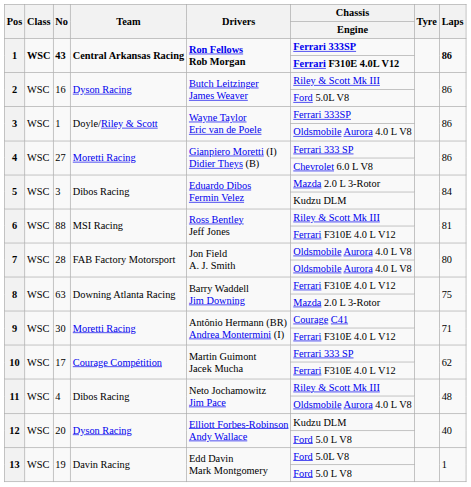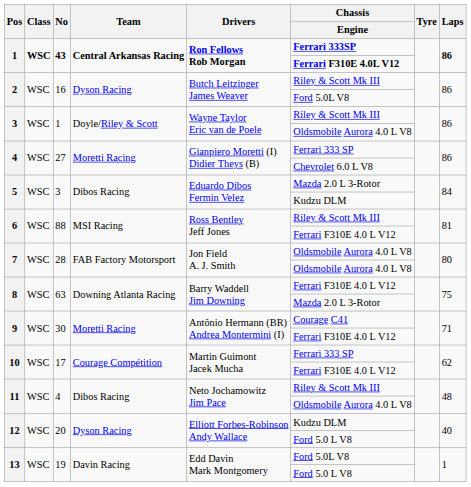 <table class="wikitable" style="font-size: 95%;">
 <tr>
 <th rowspan=2>Pos</th>
 <th rowspan=2>Class</th>
 <th rowspan=2>No</th>
 <th rowspan=2>Team</th>
 <th rowspan=2>Drivers</th>
 <th>Chassis</th>
 <th rowspan=2>Tyre</th>
 <th rowspan=2>Laps</th>
 </tr>
 <tr>
 <th>Engine</th>
 </tr>
 <tr style="font-weight:bold">
 <th rowspan=2>1</th>
 <td rowspan=2>WSC</td>
 <td rowspan=2>43</td>
 <td rowspan=2>Central Arkansas Racing</td>
 <td rowspan=2> <a href='#'>Ron Fellows</a><br> Rob Morgan</td>
 <td><a href='#'>Ferrari 333SP</a></td>
 <td rowspan=2></td>
 <td rowspan=2>86</td>
 </tr>
 <tr style="font-weight:bold">
 <td><a href='#'>Ferrari</a> F310E 4.0L V12</td>
 </tr>
 <tr>
 <th rowspan=2>2</th>
 <td rowspan=2>WSC</td>
 <td rowspan=2>16</td>
 <td rowspan=2> <a href='#'>Dyson Racing</a></td>
 <td rowspan=2> <a href='#'>Butch Leitzinger</a><br> <a href='#'>James Weaver</a></td>
 <td><a href='#'>Riley & Scott Mk III</a></td>
 <td rowspan=2></td>
 <td rowspan=2>86</td>
 </tr>
 <tr>
 <td><a href='#'>Ford</a> 5.0L V8</td>
 </tr>
 <tr>
 <th rowspan=2>3</th>
 <td rowspan=2>WSC</td>
 <td rowspan=2>1</td>
 <td rowspan=2> Doyle/<a href='#'>Riley & Scott</a></td>
 <td rowspan=2> <a href='#'>Wayne Taylor</a><br> <a href='#'>Eric van de Poele</a></td>
-<td><a href='#'>Ferrari 333SP</a></td>
+<td><a href='#'>Riley & Scott Mk III</a></td>
 <td rowspan=2></td>
 <td rowspan=2>86</td>
 </tr>
 <tr>
 <td><a href='#'>Oldsmobile</a> <a href='#'>Aurora</a> 4.0 L V8</td>
 </tr>
 <tr>
 <th rowspan=2>4</th>
 <td rowspan=2>WSC</td>
 <td rowspan=2>27</td>
 <td rowspan=2> <a href='#'>Moretti Racing</a></td>
 <td rowspan=2> <a href='#'>Gianpiero Moretti</a> (I)<br> <a href='#'>Didier Theys</a> (B)</td>
 <td><a href='#'>Ferrari 333 SP</a></td>
 <td rowspan=2></td>
 <td rowspan=2>86</td>
 </tr>
 <tr>
 <td><a href='#'>Chevrolet</a> 6.0 L V8</td>
 </tr>
 <tr>
 <th rowspan=2>5</th>
 <td rowspan=2>WSC</td>
 <td rowspan=2>3</td>
 <td rowspan=2> Dibos Racing</td>
 <td rowspan=2> <a href='#'>Eduardo Dibos</a><br> <a href='#'>Fermin Velez</a></td>
 <td><a href='#'>Mazda</a> 2.0 L 3-Rotor</td>
 <td rowspan=2></td>
 <td rowspan=2>84</td>
 </tr>
 <tr>
 <td>Kudzu DLM</td>
 </tr>
 <tr>
 <th rowspan=2>6</th>
 <td rowspan=2>WSC</td>
 <td rowspan=2>88</td>
 <td rowspan=2> MSI Racing</td>
 <td rowspan=2> <a href='#'>Ross Bentley</a><br> Jeff Jones</td>
 <td><a href='#'>Riley & Scott Mk III</a></td>
 <td rowspan=2></td>
 <td rowspan=2>81</td>
 </tr>
 <tr>
 <td><a href='#'>Ferrari</a> F310E 4.0 L V12</td>
 </tr>
 <tr>
 <th rowspan=2>7</th>
 <td rowspan=2>WSC</td>
 <td rowspan=2>28</td>
 <td rowspan=2> FAB Factory Motorsport</td>
 <td rowspan=2> Jon Field <br> A. J. Smith</td>
 <td><a href='#'>Oldsmobile</a> <a href='#'>Aurora</a> 4.0 L V8</td>
 <td rowspan=2></td>
 <td rowspan=2>80</td>
 </tr>
 <tr>
 <td><a href='#'>Oldsmobile</a> <a href='#'>Aurora</a> 4.0 L V8</td>
 </tr>
 <tr>
 <th rowspan=2>8</th>
 <td rowspan=2>WSC</td>
 <td rowspan=2>63</td>
 <td rowspan=2> Downing Atlanta Racing</td>
 <td rowspan=2> Barry Waddell<br>  <a href='#'>Jim Downing</a></td>
 <td><a href='#'>Ferrari</a> F310E 4.0 L V12</td>
 <td rowspan=2></td>
 <td rowspan=2>75</td>
 </tr>
 <tr>
 <td><a href='#'>Mazda</a> 2.0 L 3-Rotor</td>
 </tr>
 <tr>
 <th rowspan=2>9</th>
 <td rowspan=2>WSC</td>
 <td rowspan=2>30</td>
 <td rowspan=2> <a href='#'>Moretti Racing</a></td>
 <td rowspan=2> Antônio Hermann (BR)<br>  <a href='#'>Andrea Montermini</a> (I)</td>
 <td><a href='#'>Courage</a> <a href='#'>C41</a></td>
 <td rowspan=2></td>
 <td rowspan=2>71</td>
 </tr>
 <tr>
 <td><a href='#'>Ferrari</a> F310E 4.0 L V12</td>
 </tr>
 <tr>
 <th rowspan=2>10</th>
 <td rowspan=2>WSC</td>
 <td rowspan=2>17</td>
 <td rowspan=2> <a href='#'>Courage Compétition</a></td>
 <td rowspan=2> Martin Guimont<br> Jacek Mucha</td>
 <td><a href='#'>Ferrari 333 SP</a></td>
 <td rowspan=2></td>
 <td rowspan=2>62</td>
 </tr>
 <tr>
 <td><a href='#'>Ferrari</a> F310E 4.0 L V12</td>
 </tr>
 <tr>
 <th rowspan=2>11</th>
 <td rowspan=2>WSC</td>
 <td rowspan=2>4</td>
 <td rowspan=2> Dibos Racing</td>
 <td rowspan=2> Neto Jochamowitz<br> <a href='#'>Jim Pace</a></td>
 <td><a href='#'>Riley & Scott Mk III</a></td>
 <td rowspan=2></td>
 <td rowspan=2>48</td>
 </tr>
 <tr>
 <td><a href='#'>Oldsmobile</a> <a href='#'>Aurora</a> 4.0 L V8</td>
 </tr>
 <tr>
 <th rowspan=2>12</th>
 <td rowspan=2>WSC</td>
 <td rowspan=2>20</td>
 <td rowspan=2> <a href='#'>Dyson Racing</a></td>
 <td rowspan=2> <a href='#'>Elliott Forbes-Robinson</a><br> <a href='#'>Andy Wallace</a></td>
 <td>Kudzu DLM</td>
 <td rowspan=2></td>
 <td rowspan=2>40</td>
 </tr>
 <tr>
 <td><a href='#'>Ford</a> 5.0 L V8</td>
 </tr>
 <tr>
 <th rowspan=2>13</th>
 <td rowspan=2>WSC</td>
 <td rowspan=2>19</td>
 <td rowspan=2> Davin Racing</td>
 <td rowspan=2> Edd Davin <br> Mark Montgomery</td>
 <td><a href='#'>Ford</a> 5.0L V8</td>
 <td rowspan=2></td>
 <td rowspan=2>1</td>
 </tr>
 <tr>
 <td><a href='#'>Ford</a> 5.0 L V8</td>
 </tr>
 </table>
